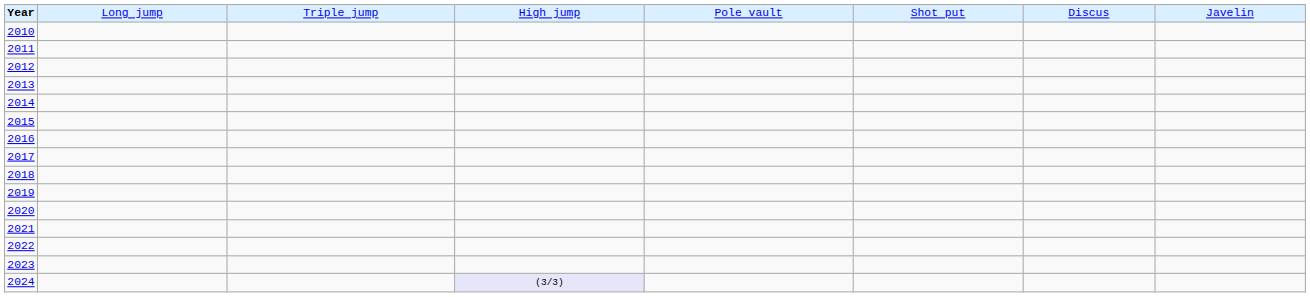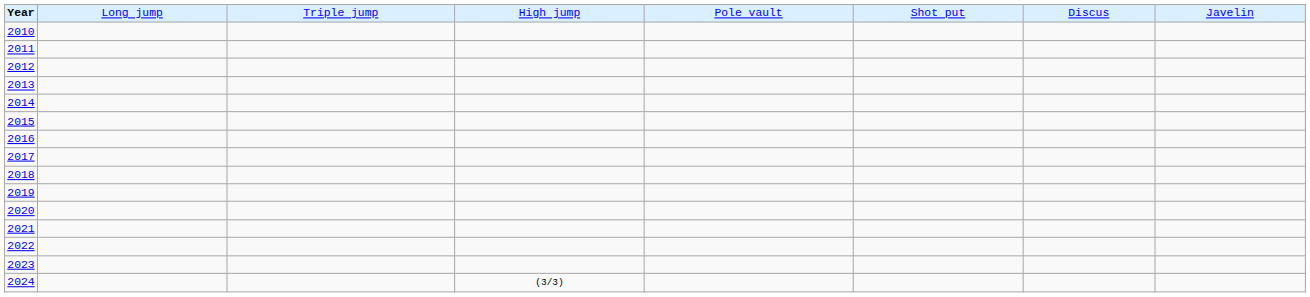 <table class="wikitable" style="font-size:85%; text-align:center;" width="100%">
 <tr style="text-align:center;background-color:#DAEFFF">
 <td width=25px><strong>Year</strong></td>
 <td><a href='#'>Long jump</a></td>
 <td><a href='#'>Triple jump</a></td>
 <td><a href='#'>High jump</a></td>
 <td><a href='#'>Pole vault</a></td>
 <td><a href='#'>Shot put</a></td>
 <td><a href='#'>Discus</a></td>
 <td><a href='#'>Javelin</a></td>
 </tr>
 <tr>
 <td><a href='#'>2010</a></td>
 <td></td>
 <td></td>
 <td></td>
 <td> </td>
 <td></td>
 <td> </td>
 <td></td>
 </tr>
 <tr>
 <td><a href='#'>2011</a></td>
 <td></td>
 <td></td>
 <td></td>
 <td> </td>
 <td></td>
 <td></td>
 <td></td>
 </tr>
 <tr>
 <td><a href='#'>2012</a></td>
 <td> </td>
 <td> </td>
 <td></td>
 <td> </td>
 <td> </td>
 <td> </td>
 <td> </td>
 </tr>
 <tr>
 <td><a href='#'>2013</a></td>
 <td> </td>
 <td> </td>
 <td></td>
 <td> </td>
 <td></td>
 <td> </td>
 <td> </td>
 </tr>
 <tr>
 <td><a href='#'>2014</a></td>
 <td></td>
 <td> </td>
 <td> </td>
 <td> </td>
 <td> </td>
 <td> </td>
 <td></td>
 </tr>
 <tr>
 <td><a href='#'>2015</a></td>
 <td></td>
 <td> </td>
 <td> </td>
 <td> </td>
 <td> </td>
 <td> </td>
 <td></td>
 </tr>
 <tr>
 <td><a href='#'>2016</a></td>
 <td></td>
 <td> </td>
 <td></td>
 <td> </td>
 <td> </td>
 <td> </td>
 <td> </td>
 </tr>
 <tr>
 <td><a href='#'>2017</a></td>
 <td>  </td>
 <td> </td>
 <td> </td>
 <td> </td>
 <td></td>
 <td></td>
 <td> </td>
 </tr>
 <tr>
 <td><a href='#'>2018</a></td>
 <td>  </td>
 <td> </td>
 <td></td>
 <td></td>
 <td>  </td>
 <td></td>
 <td></td>
 </tr>
 <tr>
 <td><a href='#'>2019</a></td>
 <td></td>
 <td> </td>
 <td></td>
 <td> </td>
 <td>  </td>
 <td> </td>
 <td></td>
 </tr>
 <tr>
 <td><a href='#'>2020</a></td>
 <td></td>
 <td></td>
 <td></td>
 <td></td>
 <td></td>
 <td></td>
 <td></td>
 </tr>
 <tr>
 <td><a href='#'>2021</a></td>
 <td></td>
 <td> </td>
 <td> </td>
 <td> </td>
 <td></td>
 <td> </td>
 <td></td>
 </tr>
 <tr>
 <td><a href='#'>2022</a></td>
 <td></td>
 <td> </td>
 <td> </td>
 <td> </td>
 <td> </td>
 <td></td>
 <td></td>
 </tr>
 <tr>
 <td><a href='#'>2023</a></td>
 <td></td>
 <td> </td>
 <td></td>
 <td> </td>
 <td> </td>
 <td> </td>
 <td> </td>
 </tr>
 <tr>
 <td><a href='#'>2024</a></td>
 <td></td>
 <td> </td>
-<td style="background: lavender;"> <small>(3/3)</small></td>
+<td> <small>(3/3)</small></td>
 <td> </td>
 <td></td>
 <td> </td>
 <td></td>
 </tr>
 </table>
